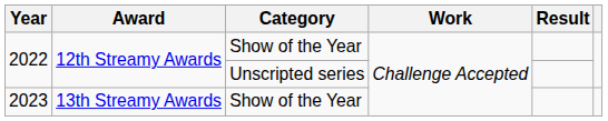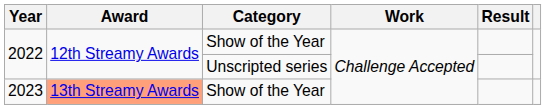 <table class="wikitable sortable">
 <tr>
 <th>Year</th>
 <th>Award</th>
 <th>Category</th>
 <th>Work</th>
 <th>Result</th>
 <th></th>
 </tr>
 <tr>
 <td rowspan="2">2022</td>
 <td rowspan="2"><a href='#'>12th Streamy Awards</a></td>
 <td>Show of the Year</td>
 <td rowspan=3><em>Challenge Accepted</em></td>
 <td></td>
 <td rowspan="2"></td>
 </tr>
 <tr>
 <td>Unscripted series</td>
 <td></td>
 </tr>
 <tr>
 <td>2023</td>
-<td><a href='#'>13th Streamy Awards</a></td>
+<td style="background: lightsalmon;"><a href='#'>13th Streamy Awards</a></td>
 <td>Show of the Year</td>
 <td></td>
 <td></td>
 </tr>
 </table>
